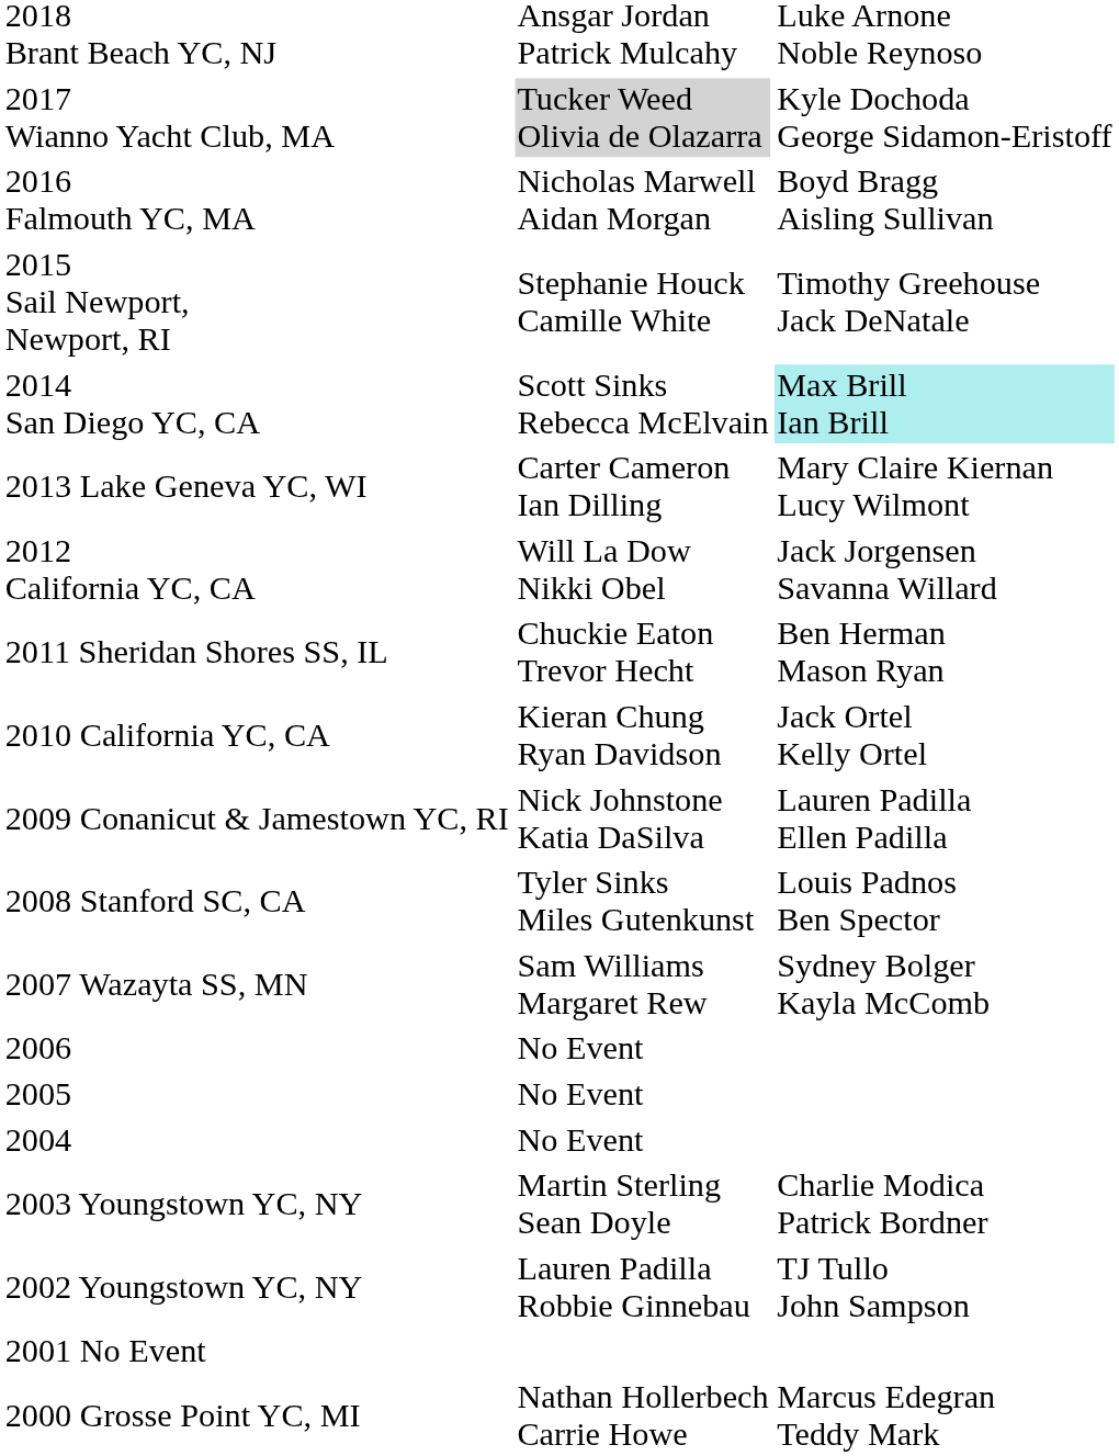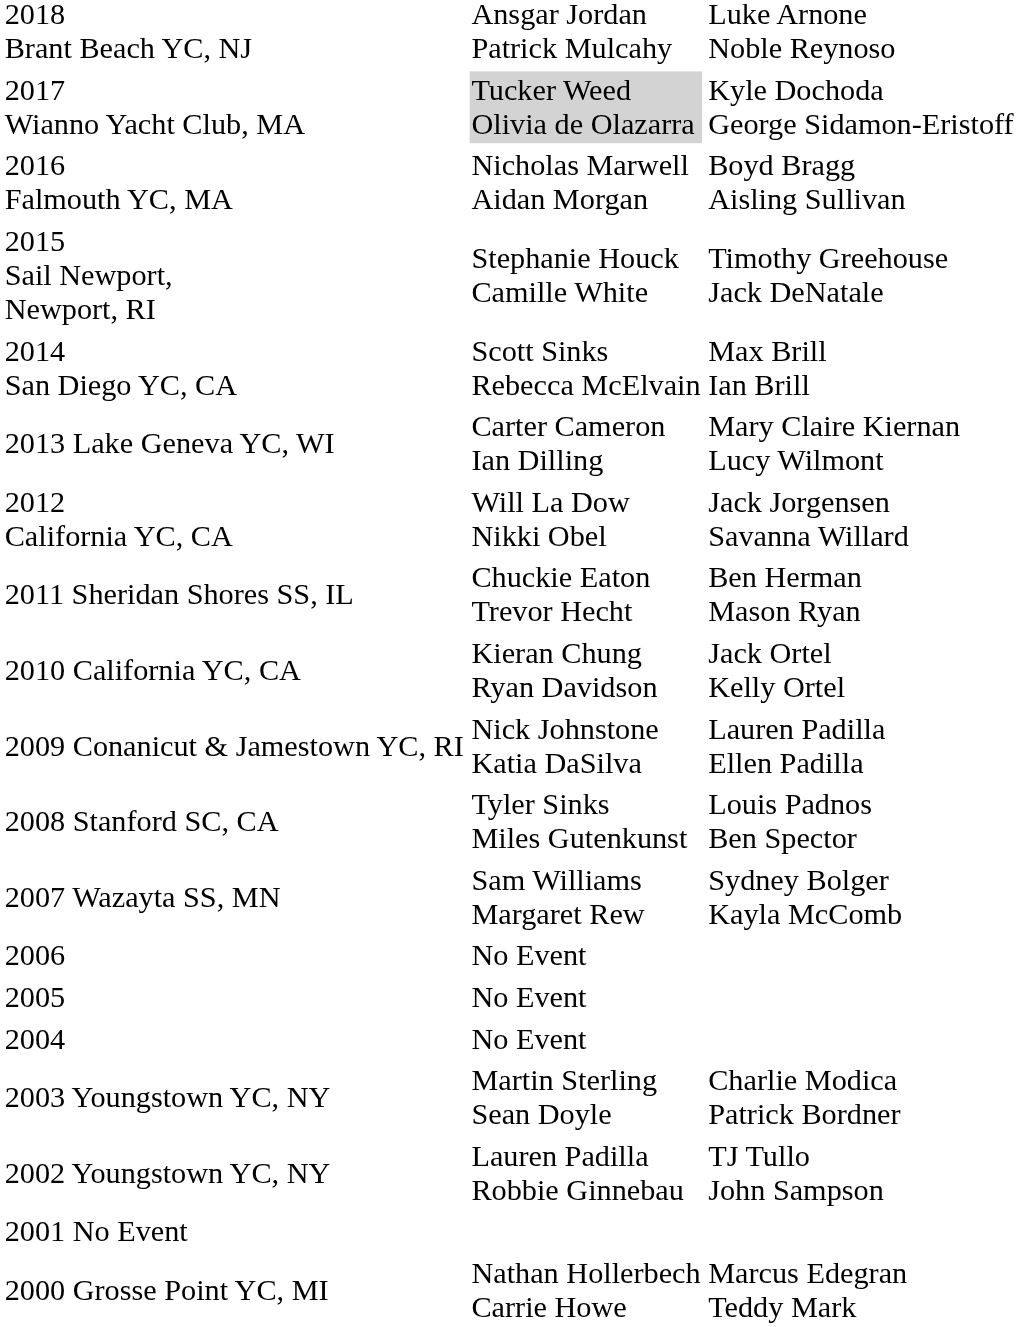 <table>
 <tr>
 <td>2018<br>Brant Beach YC, NJ</td>
 <td>Ansgar Jordan<br>Patrick Mulcahy</td>
 <td>Luke Arnone<br>Noble Reynoso</td>
 <td></td>
 </tr>
 <tr>
 <td>2017<br>Wianno Yacht Club, MA</td>
 <td style="background: lightgrey;">Tucker Weed<br>Olivia de Olazarra</td>
 <td>Kyle Dochoda<br>George Sidamon-Eristoff</td>
 <td></td>
 </tr>
 <tr>
 <td>2016<br>Falmouth YC, MA</td>
 <td>Nicholas Marwell<br>Aidan Morgan</td>
 <td>Boyd Bragg<br>Aisling Sullivan</td>
 <td></td>
 </tr>
 <tr>
 <td>2015<br>Sail Newport,<br>Newport, RI</td>
 <td>Stephanie Houck<br>Camille White</td>
 <td>Timothy Greehouse<br>Jack DeNatale</td>
 <td></td>
 </tr>
 <tr>
 <td>2014<br>San Diego YC, CA</td>
 <td>Scott Sinks<br>Rebecca McElvain</td>
-<td style="background: paleturquoise;">Max Brill<br>Ian Brill</td>
+<td>Max Brill<br>Ian Brill</td>
 <td></td>
 </tr>
 <tr>
 <td>2013 	Lake Geneva YC, WI</td>
 <td>Carter Cameron<br>Ian Dilling</td>
 <td>Mary Claire Kiernan<br>Lucy Wilmont</td>
 <td></td>
 </tr>
 <tr>
 <td>2012<br>California YC, CA</td>
 <td>Will La Dow<br>Nikki Obel</td>
 <td>Jack Jorgensen<br>Savanna Willard</td>
 <td></td>
 </tr>
 <tr>
 <td>2011 	Sheridan Shores SS, IL</td>
 <td>Chuckie Eaton<br>Trevor Hecht</td>
 <td>Ben Herman<br>Mason Ryan</td>
 <td></td>
 </tr>
 <tr>
 <td>2010 	California YC, CA</td>
 <td>Kieran Chung<br>Ryan Davidson</td>
 <td>Jack Ortel<br>Kelly Ortel</td>
 <td></td>
 </tr>
 <tr>
 <td>2009 	Conanicut & Jamestown YC, RI</td>
 <td>Nick Johnstone <br>Katia DaSilva</td>
 <td>Lauren Padilla<br>Ellen Padilla</td>
 <td></td>
 </tr>
 <tr>
 <td>2008 	Stanford SC, CA</td>
 <td>Tyler Sinks<br>Miles Gutenkunst</td>
 <td>Louis Padnos<br>Ben Spector</td>
 <td></td>
 </tr>
 <tr>
 <td>2007 	Wazayta SS, MN</td>
 <td>Sam Williams<br>Margaret Rew</td>
 <td>Sydney Bolger<br>Kayla McComb</td>
 <td></td>
 </tr>
 <tr>
 <td>2006</td>
 <td>No Event</td>
 <td></td>
 <td></td>
 </tr>
 <tr>
 <td>2005</td>
 <td>No Event</td>
 <td></td>
 <td></td>
 </tr>
 <tr>
 <td>2004</td>
 <td>No Event</td>
 <td></td>
 </tr>
 <tr>
 <td>2003 	Youngstown YC, NY</td>
 <td>Martin Sterling<br>Sean Doyle</td>
 <td>Charlie Modica<br>Patrick Bordner</td>
 <td></td>
 </tr>
 <tr>
 <td>2002 	Youngstown YC, NY</td>
 <td>Lauren Padilla<br>Robbie Ginnebau</td>
 <td>TJ Tullo<br>John Sampson</td>
 <td></td>
 </tr>
 <tr>
 <td>2001 	No Event</td>
 <td></td>
 <td></td>
 <td></td>
 </tr>
 <tr>
 <td>2000 	Grosse Point YC, MI</td>
 <td>Nathan Hollerbech<br>Carrie Howe</td>
 <td>Marcus Edegran<br>Teddy Mark</td>
 <td></td>
 </tr>
 </table>
